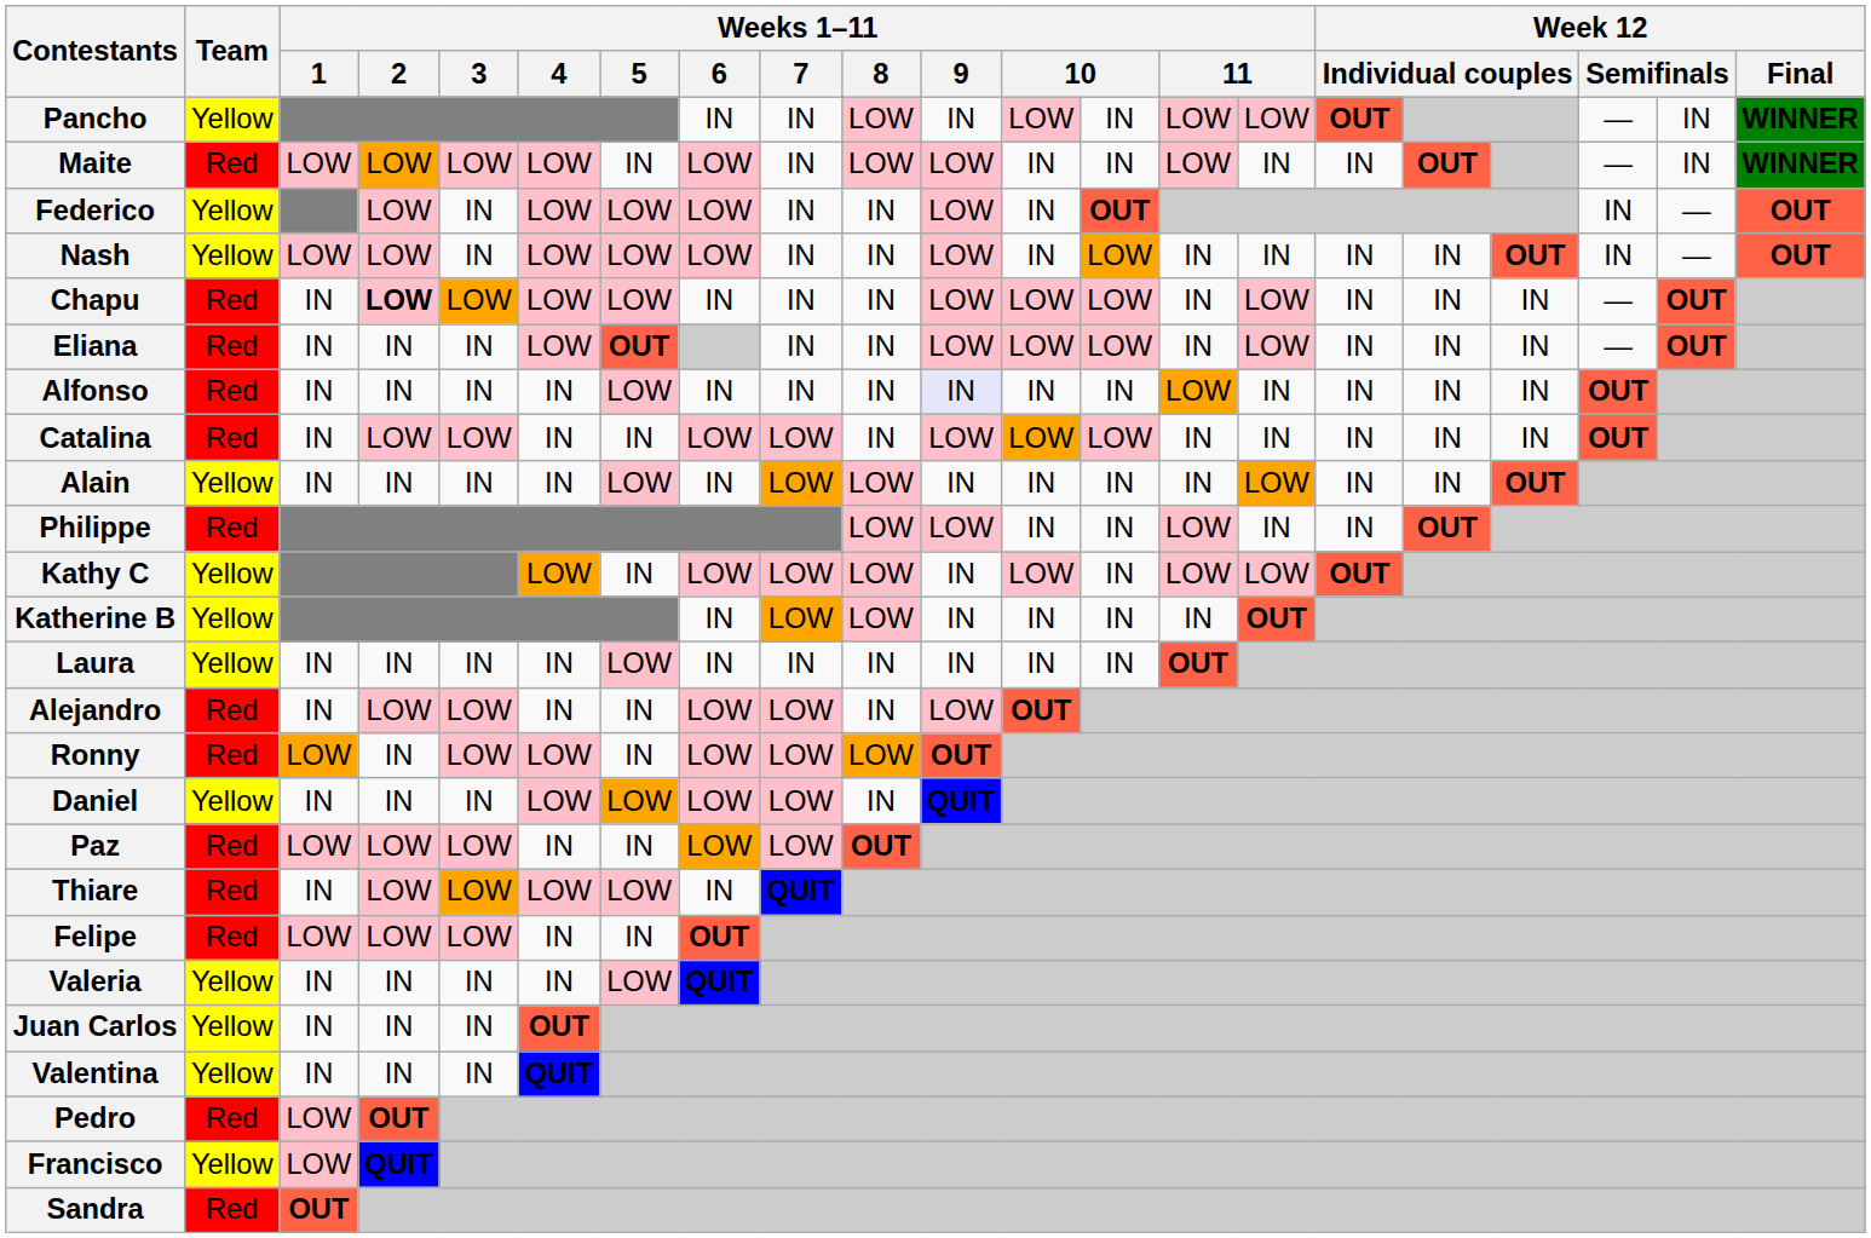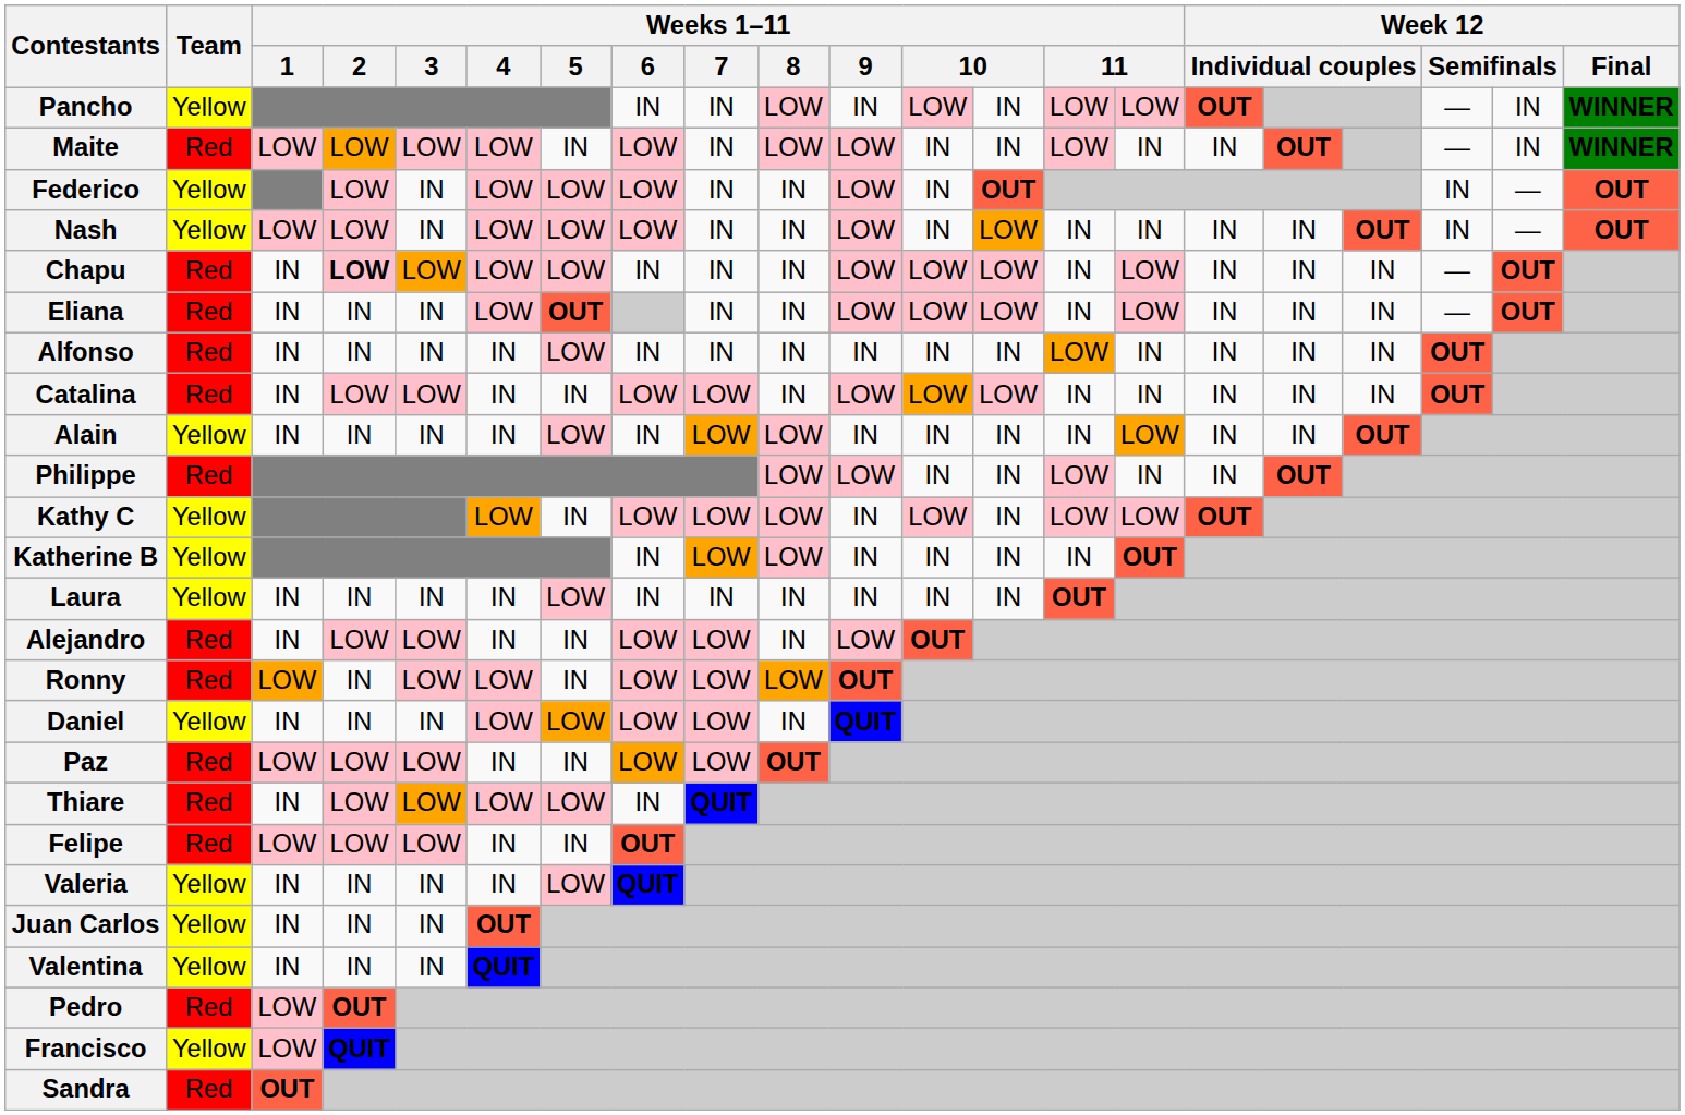 <table class="wikitable" style="text-align:center">
 <tr>
 <th rowspan=2>Contestants</th>
 <th rowspan=2>Team</th>
 <th colspan="13">Weeks 1–11</th>
 <th colspan=6>Week 12</th>
 </tr>
 <tr>
 <th width="10px">1</th>
 <th width="10px">2</th>
 <th width="10px">3</th>
 <th width="10px">4</th>
 <th width="10px">5</th>
 <th width="10px">6</th>
 <th width="10px">7</th>
 <th width="10px">8</th>
 <th width="10px">9</th>
 <th colspan=2>10</th>
 <th colspan=2>11</th>
 <th colspan=3>Individual couples</th>
 <th colspan=2>Semifinals</th>
 <th>Final</th>
 </tr>
 <tr>
 <th>Pancho</th>
 <td bgcolor="yellow">Yellow</td>
 <td colspan="5" bgcolor=gray></td>
 <td>IN</td>
 <td>IN</td>
 <td bgcolor="pink">LOW</td>
 <td>IN</td>
 <td bgcolor="pink">LOW</td>
 <td>IN</td>
 <td bgcolor="pink">LOW</td>
 <td bgcolor="pink">LOW</td>
 <td bgcolor="tomato"><strong>OUT</strong></td>
 <td colspan="2" bgcolor="#CCCCCC"></td>
 <td>—</td>
 <td>IN</td>
 <td bgcolor="Green"><span><strong>WINNER</strong></span></td>
 </tr>
 <tr>
 <th>Maite</th>
 <td bgcolor="red">Red</td>
 <td bgcolor="pink">LOW</td>
 <td bgcolor="orange">LOW</td>
 <td bgcolor="pink">LOW</td>
 <td bgcolor="pink">LOW</td>
 <td>IN</td>
 <td bgcolor="pink">LOW</td>
 <td>IN</td>
 <td bgcolor="pink">LOW</td>
 <td bgcolor="pink">LOW</td>
 <td>IN</td>
 <td>IN</td>
 <td bgcolor="pink">LOW</td>
 <td>IN</td>
 <td>IN</td>
 <td bgcolor="tomato"><strong>OUT</strong></td>
 <td colspan="1" bgcolor="#CCCCCC"></td>
 <td>—</td>
 <td>IN</td>
 <td bgcolor="Green"><span><strong>WINNER</strong></span></td>
 </tr>
 <tr>
 <th>Federico</th>
 <td bgcolor="yellow">Yellow</td>
 <td colspan="1" bgcolor=gray></td>
 <td bgcolor="pink">LOW</td>
 <td>IN</td>
 <td bgcolor="pink">LOW</td>
 <td bgcolor="pink">LOW</td>
 <td bgcolor="pink">LOW</td>
 <td>IN</td>
 <td>IN</td>
 <td bgcolor="pink">LOW</td>
 <td>IN</td>
 <td bgcolor="tomato"><strong>OUT</strong></td>
 <td colspan="5" bgcolor="#CCCCCC"></td>
 <td>IN</td>
 <td>—</td>
 <td bgcolor="tomato"><strong>OUT</strong></td>
 </tr>
 <tr>
 <th>Nash</th>
 <td bgcolor="yellow">Yellow</td>
 <td bgcolor="pink">LOW</td>
 <td bgcolor="pink">LOW</td>
 <td>IN</td>
 <td bgcolor="pink">LOW</td>
 <td bgcolor="pink">LOW</td>
 <td bgcolor="pink">LOW</td>
 <td>IN</td>
 <td>IN</td>
 <td bgcolor="pink">LOW</td>
 <td>IN</td>
 <td bgcolor="orange">LOW</td>
 <td>IN</td>
 <td>IN</td>
 <td>IN</td>
 <td>IN</td>
 <td bgcolor="tomato"><strong>OUT</strong></td>
 <td>IN</td>
 <td>—</td>
 <td bgcolor="tomato"><strong>OUT</strong></td>
 </tr>
 <tr>
 <th>Chapu</th>
 <td bgcolor="red">Red</td>
 <td>IN</td>
 <td bgcolor="pink"><strong>LOW</strong></td>
 <td bgcolor="orange">LOW</td>
 <td bgcolor="pink">LOW</td>
 <td bgcolor="pink">LOW</td>
 <td>IN</td>
 <td>IN</td>
 <td>IN</td>
 <td bgcolor="pink">LOW</td>
 <td bgcolor="pink">LOW</td>
 <td bgcolor="pink">LOW</td>
 <td>IN</td>
 <td bgcolor="pink">LOW</td>
 <td>IN</td>
 <td>IN</td>
 <td>IN</td>
 <td>—</td>
 <td bgcolor="tomato"><strong>OUT</strong></td>
 <td colspan="20" bgcolor="#CCCCCC"></td>
 </tr>
 <tr>
 <th>Eliana</th>
 <td bgcolor="red">Red</td>
 <td>IN</td>
 <td>IN</td>
 <td>IN</td>
 <td bgcolor="pink">LOW</td>
 <td bgcolor="tomato"><strong>OUT</strong></td>
 <td bgcolor="#CCCCCC"></td>
 <td>IN</td>
 <td>IN</td>
 <td bgcolor="pink">LOW</td>
 <td bgcolor="pink">LOW</td>
 <td bgcolor="pink">LOW</td>
 <td>IN</td>
 <td bgcolor="pink">LOW</td>
 <td>IN</td>
 <td>IN</td>
 <td>IN</td>
 <td>—</td>
 <td bgcolor="tomato"><strong>OUT</strong></td>
 <td colspan="20" bgcolor="#CCCCCC"></td>
 </tr>
 <tr>
 <th>Alfonso</th>
 <td bgcolor="red">Red</td>
 <td>IN</td>
 <td>IN</td>
 <td>IN</td>
 <td>IN</td>
 <td bgcolor="pink">LOW</td>
 <td>IN</td>
 <td>IN</td>
 <td>IN</td>
-<td style="background: lavender;">IN</td>
+<td>IN</td>
 <td>IN</td>
 <td>IN</td>
 <td bgcolor="orange">LOW</td>
 <td>IN</td>
 <td>IN</td>
 <td>IN</td>
 <td>IN</td>
 <td bgcolor="tomato"><strong>OUT</strong></td>
 <td colspan="20" bgcolor="#CCCCCC"></td>
 </tr>
 <tr>
 <th>Catalina</th>
 <td bgcolor="red">Red</td>
 <td>IN</td>
 <td bgcolor="pink">LOW</td>
 <td bgcolor="pink">LOW</td>
 <td>IN</td>
 <td>IN</td>
 <td bgcolor="pink">LOW</td>
 <td bgcolor="pink">LOW</td>
 <td>IN</td>
 <td bgcolor="pink">LOW</td>
 <td bgcolor="orange">LOW</td>
 <td bgcolor="pink">LOW</td>
 <td>IN</td>
 <td>IN</td>
 <td>IN</td>
 <td>IN</td>
 <td>IN</td>
 <td bgcolor="tomato"><strong>OUT</strong></td>
 <td colspan="20" bgcolor="#CCCCCC"></td>
 </tr>
 <tr>
 <th>Alain</th>
 <td bgcolor="yellow">Yellow</td>
 <td>IN</td>
 <td>IN</td>
 <td>IN</td>
 <td>IN</td>
 <td bgcolor="pink">LOW</td>
 <td>IN</td>
 <td bgcolor="orange">LOW</td>
 <td bgcolor="pink">LOW</td>
 <td>IN</td>
 <td>IN</td>
 <td>IN</td>
 <td>IN</td>
 <td bgcolor="orange">LOW</td>
 <td>IN</td>
 <td>IN</td>
 <td bgcolor="tomato"><strong>OUT</strong></td>
 <td colspan="20" bgcolor="#CCCCCC"></td>
 </tr>
 <tr>
 <th>Philippe</th>
 <td bgcolor="red">Red</td>
 <td colspan="7" bgcolor=gray></td>
 <td bgcolor="pink">LOW</td>
 <td bgcolor="pink">LOW</td>
 <td>IN</td>
 <td>IN</td>
 <td bgcolor="pink">LOW</td>
 <td>IN</td>
 <td>IN</td>
 <td bgcolor="tomato"><strong>OUT</strong></td>
 <td colspan="20" bgcolor="#CCCCCC"></td>
 </tr>
 <tr>
 <th>Kathy C</th>
 <td bgcolor="yellow">Yellow</td>
 <td colspan="3" bgcolor=gray></td>
 <td bgcolor="orange">LOW</td>
 <td>IN</td>
 <td bgcolor="pink">LOW</td>
 <td bgcolor="pink">LOW</td>
 <td bgcolor="pink">LOW</td>
 <td>IN</td>
 <td bgcolor="pink">LOW</td>
 <td>IN</td>
 <td bgcolor="pink">LOW</td>
 <td bgcolor="pink">LOW</td>
 <td bgcolor="tomato"><strong>OUT</strong></td>
 <td colspan="20" bgcolor="#CCCCCC"></td>
 </tr>
 <tr>
 <th>Katherine B</th>
 <td bgcolor="yellow">Yellow</td>
 <td colspan="5" bgcolor=gray></td>
 <td>IN</td>
 <td bgcolor="orange">LOW</td>
 <td bgcolor="pink">LOW</td>
 <td>IN</td>
 <td>IN</td>
 <td>IN</td>
 <td>IN</td>
 <td bgcolor="tomato"><strong>OUT</strong></td>
 <td colspan="20" bgcolor="#CCCCCC"></td>
 </tr>
 <tr>
 <th>Laura</th>
 <td bgcolor="yellow">Yellow</td>
 <td>IN</td>
 <td>IN</td>
 <td>IN</td>
 <td>IN</td>
 <td bgcolor="pink">LOW</td>
 <td>IN</td>
 <td>IN</td>
 <td>IN</td>
 <td>IN</td>
 <td>IN</td>
 <td>IN</td>
 <td bgcolor="tomato"><strong>OUT</strong></td>
 <td colspan="20" bgcolor="#CCCCCC"></td>
 </tr>
 <tr>
 <th>Alejandro</th>
 <td bgcolor="red">Red</td>
 <td>IN</td>
 <td bgcolor="pink">LOW</td>
 <td bgcolor="pink">LOW</td>
 <td>IN</td>
 <td>IN</td>
 <td bgcolor="pink">LOW</td>
 <td bgcolor="pink">LOW</td>
 <td>IN</td>
 <td bgcolor="pink">LOW</td>
 <td bgcolor="tomato"><strong>OUT</strong></td>
 <td colspan="20" bgcolor="#CCCCCC"></td>
 </tr>
 <tr>
 <th>Ronny</th>
 <td bgcolor="red">Red</td>
 <td bgcolor="orange">LOW</td>
 <td>IN</td>
 <td bgcolor="pink">LOW</td>
 <td bgcolor="pink">LOW</td>
 <td>IN</td>
 <td bgcolor="pink">LOW</td>
 <td bgcolor="pink">LOW</td>
 <td bgcolor="orange">LOW</td>
 <td bgcolor="tomato"><strong>OUT</strong></td>
 <td colspan="20" bgcolor="#CCCCCC"></td>
 </tr>
 <tr>
 <th>Daniel</th>
 <td bgcolor="yellow">Yellow</td>
 <td>IN</td>
 <td>IN</td>
 <td>IN</td>
 <td bgcolor="pink">LOW</td>
 <td bgcolor="orange">LOW</td>
 <td bgcolor="pink">LOW</td>
 <td bgcolor="pink">LOW</td>
 <td>IN</td>
 <td bgcolor="BLUE"><span><strong>QUIT</strong></span></td>
 <td colspan="20" bgcolor="#CCCCCC"></td>
 </tr>
 <tr>
 <th>Paz</th>
 <td bgcolor="red">Red</td>
 <td bgcolor="pink">LOW</td>
 <td bgcolor="pink">LOW</td>
 <td bgcolor="pink">LOW</td>
 <td>IN</td>
 <td>IN</td>
 <td bgcolor="orange">LOW</td>
 <td bgcolor="pink">LOW</td>
 <td bgcolor="tomato"><strong>OUT</strong></td>
 <td colspan="20" bgcolor="#CCCCCC"></td>
 </tr>
 <tr>
 <th>Thiare</th>
 <td bgcolor="red">Red</td>
 <td>IN</td>
 <td bgcolor="pink">LOW</td>
 <td bgcolor="orange">LOW</td>
 <td bgcolor="pink">LOW</td>
 <td bgcolor="pink">LOW</td>
 <td>IN</td>
 <td bgcolor="BLUE"><span><strong>QUIT</strong></span></td>
 <td colspan="20" bgcolor="#CCCCCC"></td>
 </tr>
 <tr>
 <th>Felipe</th>
 <td bgcolor="red">Red</td>
 <td bgcolor="pink">LOW</td>
 <td bgcolor="pink">LOW</td>
 <td bgcolor="pink">LOW</td>
 <td>IN</td>
 <td>IN</td>
 <td bgcolor="tomato"><strong>OUT</strong></td>
 <td colspan="20" bgcolor="#CCCCCC"></td>
 </tr>
 <tr>
 <th>Valeria</th>
 <td bgcolor="yellow">Yellow</td>
 <td>IN</td>
 <td>IN</td>
 <td>IN</td>
 <td>IN</td>
 <td bgcolor="pink">LOW</td>
 <td bgcolor="BLUE"><span><strong>QUIT</strong></span></td>
 <td colspan="20" bgcolor="#CCCCCC"></td>
 </tr>
 <tr>
 <th>Juan Carlos</th>
 <td bgcolor="yellow">Yellow</td>
 <td>IN</td>
 <td>IN</td>
 <td>IN</td>
 <td bgcolor="tomato"><strong>OUT</strong></td>
 <td colspan="20" bgcolor="#CCCCCC"></td>
 </tr>
 <tr>
 <th>Valentina</th>
 <td bgcolor="yellow">Yellow</td>
 <td>IN</td>
 <td>IN</td>
 <td>IN</td>
 <td bgcolor="BLUE"><span><strong>QUIT</strong></span></td>
 <td colspan="20" bgcolor="#CCCCCC"></td>
 </tr>
 <tr>
 <th>Pedro</th>
 <td bgcolor="red">Red</td>
 <td bgcolor="pink">LOW</td>
 <td bgcolor="tomato"><strong>OUT</strong></td>
 <td colspan="20" bgcolor="#CCCCCC"></td>
 </tr>
 <tr>
 <th>Francisco</th>
 <td bgcolor="yellow">Yellow</td>
 <td bgcolor="pink">LOW</td>
 <td bgcolor="BLUE"><span><strong>QUIT</strong></span></td>
 <td colspan="20" bgcolor="#CCCCCC"></td>
 </tr>
 <tr>
 <th>Sandra</th>
 <td bgcolor="red">Red</td>
 <td bgcolor="tomato"><strong>OUT</strong></td>
 <td colspan="20" bgcolor="#CCCCCC"></td>
 </tr>
 </table>
